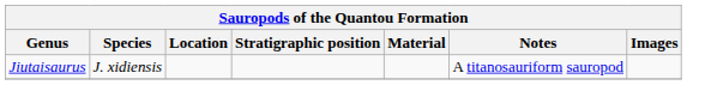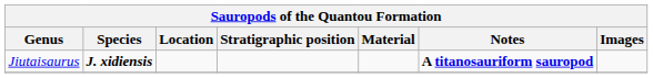 <table class="wikitable" align="center">
 <tr>
 <th colspan="7" align="center"><a href='#'>Sauropods</a> of the Quantou Formation</th>
 </tr>
 <tr>
 <th>Genus</th>
 <th>Species</th>
 <th>Location</th>
 <th>Stratigraphic position</th>
 <th>Material</th>
 <th>Notes</th>
 <th>Images</th>
 </tr>
 <tr>
 <td><em><a href='#'>Jiutaisaurus</a></em></td>
-<td><em>J. xidiensis</em></td>
+<td><strong><em>J. xidiensis</em></strong></td>
 <td></td>
 <td></td>
 <td></td>
-<td>A <a href='#'>titanosauriform</a> <a href='#'>sauropod</a></td>
+<td><strong>A <a href='#'>titanosauriform</a> <a href='#'>sauropod</a></strong></td>
 <td></td>
 </tr>
 <tr>
 </tr>
 </table>
